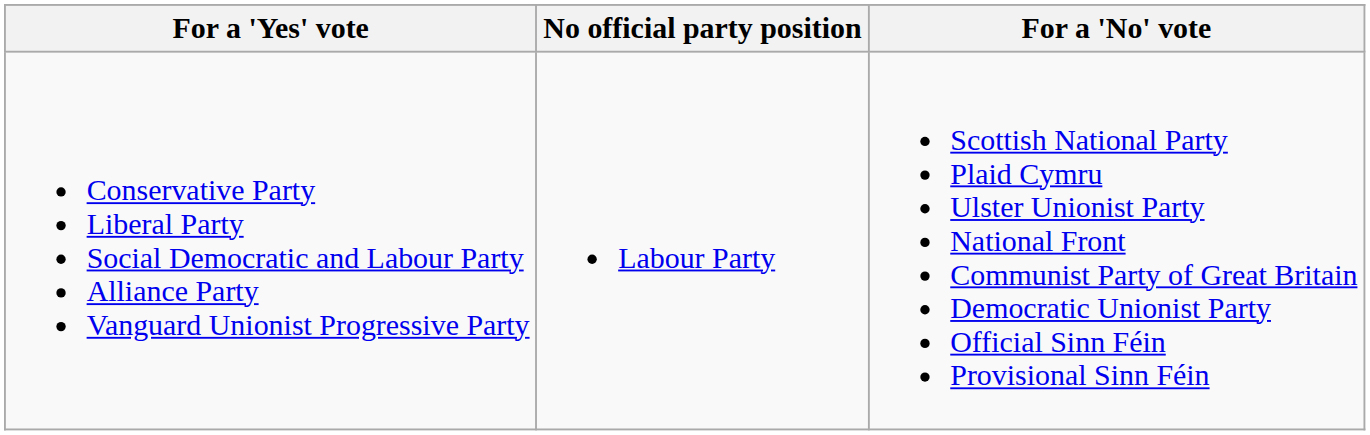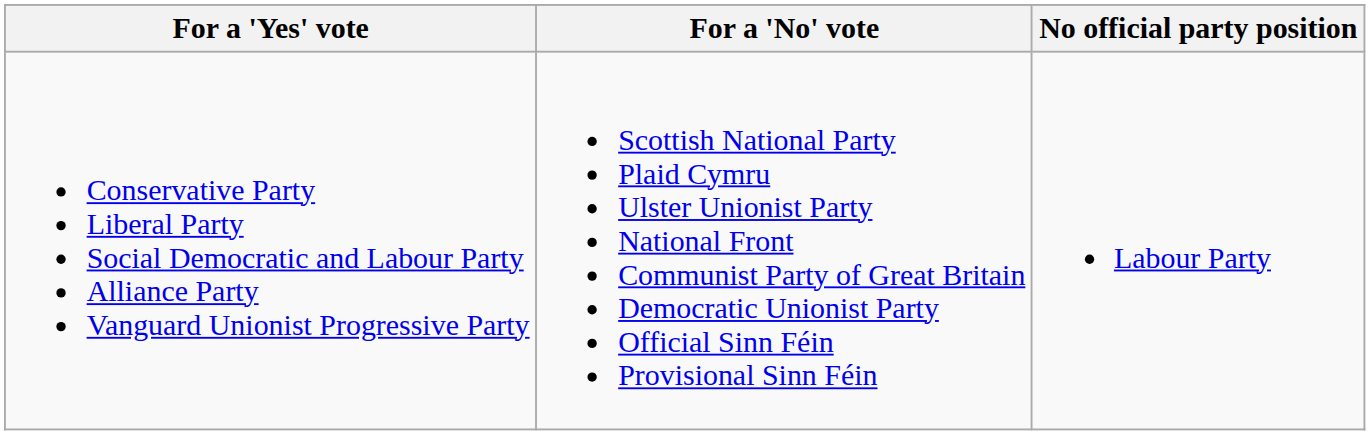 <table class="wikitable">
 <tr>
 <th>For a 'Yes' vote</th>
+<th>For a 'No' vote</th>
 <th>No official party position</th>
-<th>For a 'No' vote</th>
 </tr>
 <tr>
 <td><br><ul><li><a href='#'>Conservative Party</a></li><li><a href='#'>Liberal Party</a></li><li><a href='#'>Social Democratic and Labour Party</a></li><li><a href='#'>Alliance Party</a></li><li><a href='#'>Vanguard Unionist Progressive Party</a></li></ul></td>
+<td><br><ul><li><a href='#'>Scottish National Party</a></li><li><a href='#'>Plaid Cymru</a></li><li><a href='#'>Ulster Unionist Party</a></li><li><a href='#'>National Front</a></li><li><a href='#'>Communist Party of Great Britain</a></li><li><a href='#'>Democratic Unionist Party</a></li><li><a href='#'>Official Sinn Féin</a></li><li><a href='#'>Provisional Sinn Féin</a></li></ul></td>
 <td><br><ul><li><a href='#'>Labour Party</a></li></ul></td>
-<td><br><ul><li><a href='#'>Scottish National Party</a></li><li><a href='#'>Plaid Cymru</a></li><li><a href='#'>Ulster Unionist Party</a></li><li><a href='#'>National Front</a></li><li><a href='#'>Communist Party of Great Britain</a></li><li><a href='#'>Democratic Unionist Party</a></li><li><a href='#'>Official Sinn Féin</a></li><li><a href='#'>Provisional Sinn Féin</a></li></ul></td>
 </tr>
 </table>
